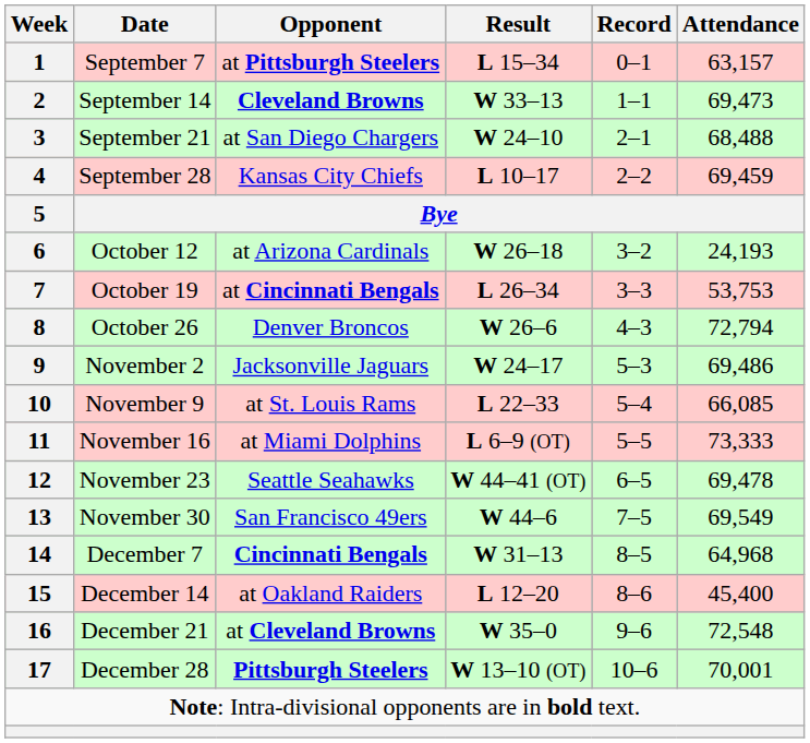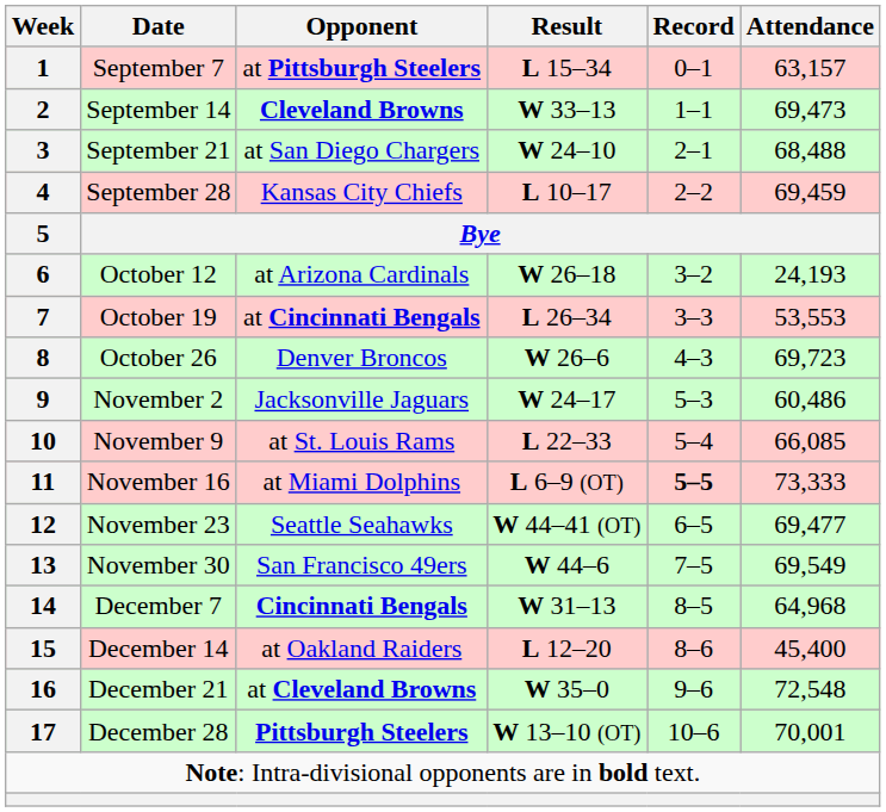 <table class="wikitable" style="text-align:center">
 <tr>
 <th>Week</th>
 <th>Date</th>
 <th>Opponent</th>
 <th>Result</th>
 <th>Record</th>
 <th>Attendance</th>
 </tr>
 <tr style="background: #fcc;">
 <th>1</th>
 <td>September 7</td>
 <td>at <strong><a href='#'>Pittsburgh Steelers</a></strong></td>
 <td><strong>L</strong> 15–34</td>
 <td>0–1</td>
 <td>63,157</td>
 </tr>
 <tr style="background: #cfc;">
 <th>2</th>
 <td>September 14</td>
 <td><strong><a href='#'>Cleveland Browns</a></strong></td>
 <td><strong>W</strong> 33–13</td>
 <td>1–1</td>
 <td>69,473</td>
 </tr>
 <tr style="background: #cfc;">
 <th>3</th>
 <td>September 21</td>
 <td>at <a href='#'>San Diego Chargers</a></td>
 <td><strong>W</strong> 24–10</td>
 <td>2–1</td>
 <td>68,488</td>
 </tr>
 <tr style="background: #fcc;">
 <th>4</th>
 <td>September 28</td>
 <td><a href='#'>Kansas City Chiefs</a></td>
 <td><strong>L</strong> 10–17</td>
 <td>2–2</td>
 <td>69,459</td>
 </tr>
 <tr>
 <th>5</th>
 <th colspan="5" align="center"><em><a href='#'>Bye</a></em></th>
 </tr>
 <tr style="background: #cfc;">
 <th>6</th>
 <td>October 12</td>
 <td>at <a href='#'>Arizona Cardinals</a></td>
 <td><strong>W</strong> 26–18</td>
 <td>3–2</td>
 <td>24,193</td>
 </tr>
 <tr style="background: #fcc;">
 <th>7</th>
 <td>October 19</td>
 <td>at <strong><a href='#'>Cincinnati Bengals</a></strong></td>
 <td><strong>L</strong> 26–34</td>
 <td>3–3</td>
-<td>53,753</td>
+<td>53,553</td>
 </tr>
 <tr style="background: #cfc;">
 <th>8</th>
 <td>October 26</td>
 <td><a href='#'>Denver Broncos</a></td>
 <td><strong>W</strong> 26–6</td>
 <td>4–3</td>
-<td>72,794</td>
+<td>69,723</td>
 </tr>
 <tr style="background: #cfc;">
 <th>9</th>
 <td>November 2</td>
 <td><a href='#'>Jacksonville Jaguars</a></td>
 <td><strong>W</strong> 24–17</td>
 <td>5–3</td>
-<td>69,486</td>
+<td>60,486</td>
 </tr>
 <tr style="background: #fcc;">
 <th>10</th>
 <td>November 9</td>
 <td>at <a href='#'>St. Louis Rams</a></td>
 <td><strong>L</strong> 22–33</td>
 <td>5–4</td>
 <td>66,085</td>
 </tr>
 <tr style="background: #fcc;">
 <th>11</th>
 <td>November 16</td>
 <td>at <a href='#'>Miami Dolphins</a></td>
 <td><strong>L</strong> 6–9 <small>(OT)</small></td>
-<td>5–5</td>
+<td><strong>5–5</strong></td>
 <td>73,333</td>
 </tr>
 <tr style="background: #cfc;">
 <th>12</th>
 <td>November 23</td>
 <td><a href='#'>Seattle Seahawks</a></td>
 <td><strong>W</strong> 44–41 <small>(OT)</small></td>
 <td>6–5</td>
-<td>69,478</td>
+<td>69,477</td>
 </tr>
 <tr style="background: #cfc;">
 <th>13</th>
 <td>November 30</td>
 <td><a href='#'>San Francisco 49ers</a></td>
 <td><strong>W</strong> 44–6</td>
 <td>7–5</td>
 <td>69,549</td>
 </tr>
 <tr style="background: #cfc;">
 <th>14</th>
 <td>December 7</td>
 <td><strong><a href='#'>Cincinnati Bengals</a></strong></td>
 <td><strong>W</strong> 31–13</td>
 <td>8–5</td>
 <td>64,968</td>
 </tr>
 <tr style="background: #fcc;">
 <th>15</th>
 <td>December 14</td>
 <td>at <a href='#'>Oakland Raiders</a></td>
 <td><strong>L</strong> 12–20</td>
 <td>8–6</td>
 <td>45,400</td>
 </tr>
 <tr style="background: #cfc;">
 <th>16</th>
 <td>December 21</td>
 <td>at <strong><a href='#'>Cleveland Browns</a></strong></td>
 <td><strong>W</strong> 35–0</td>
 <td>9–6</td>
 <td>72,548</td>
 </tr>
 <tr style="background: #cfc;">
 <th>17</th>
 <td>December 28</td>
 <td><strong><a href='#'>Pittsburgh Steelers</a></strong></td>
 <td><strong>W</strong> 13–10 <small>(OT)</small></td>
 <td>10–6</td>
 <td>70,001</td>
 </tr>
 <tr>
 <td colspan="6"><strong>Note</strong>: Intra-divisional opponents are in <strong>bold</strong> text.</td>
 </tr>
 <tr>
 <th colspan="6"></th>
 </tr>
 </table>
